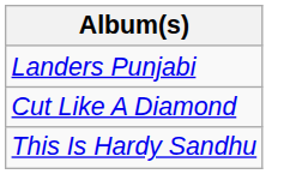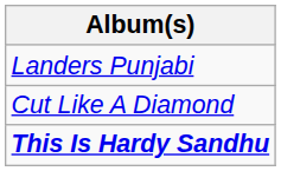 <table class="wikitable">
 <tr>
 <th>Album(s)<br></th>
 </tr>
 <tr>
 <td><em><a href='#'>Landers Punjabi</a></em></td>
 </tr>
 <tr>
 <td><em><a href='#'>Cut Like A Diamond</a></em></td>
 </tr>
 <tr>
-<td><em><a href='#'>This Is Hardy Sandhu</a></em></td>
+<td><strong><em><a href='#'>This Is Hardy Sandhu</a></em></strong></td>
 </tr>
 </table>
